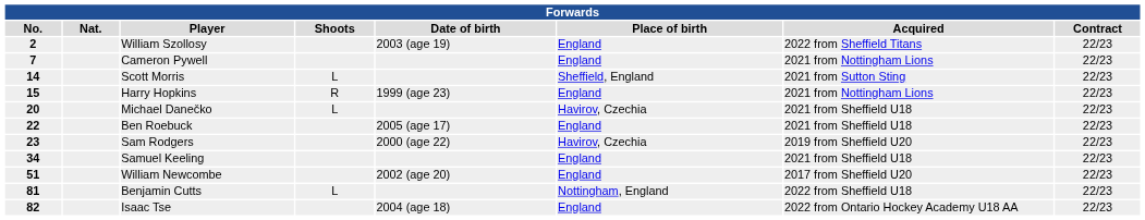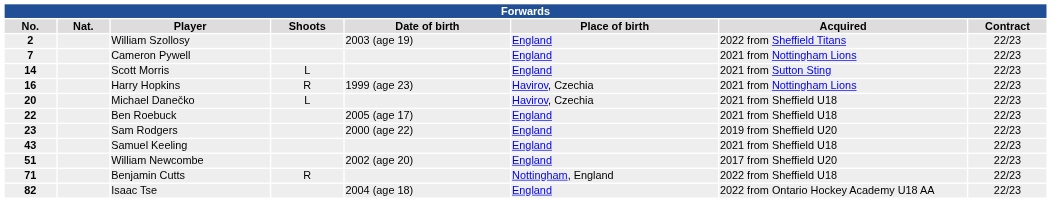 <table class="toccolours"  style="width:97%; clear:both; margin:1.5em auto; text-align:center;">
 <tr style="background:#ddd;">
 <th colspan="11" style="background:#204f95; color:#ffffff;”">Forwards</th>
 </tr>
 <tr style="background:#ddd;">
 <th width=5%>No.</th>
 <th width=5%>Nat.</th>
 <th !width=22%>Player</th>
 <th width=7%>Shoots</th>
 <th width=16%>Date of birth</th>
 <th width=20%>Place of birth</th>
 <th width=24%>Acquired</th>
 <td><strong>Contract</strong></td>
 </tr>
 <tr style="background:#eee;">
 <td><strong>2</strong></td>
 <td></td>
 <td align=left>William Szollosy</td>
 <td></td>
 <td align=left>2003 (age 19)</td>
 <td align=left><a href='#'>England</a></td>
 <td align=left>2022 from <a href='#'>Sheffield Titans</a></td>
 <td>22/23</td>
 </tr>
 <tr style="background:#eee;">
 <td><strong>7</strong></td>
 <td></td>
 <td align=left>Cameron Pywell</td>
 <td></td>
 <td align=left></td>
 <td align=left><a href='#'>England</a></td>
 <td align=left>2021 from <a href='#'>Nottingham Lions</a></td>
 <td>22/23</td>
 </tr>
 <tr style="background:#eee;">
 <td><strong>14</strong></td>
 <td></td>
 <td align=left>Scott Morris</td>
 <td>L</td>
 <td align=left></td>
-<td align=left><a href='#'>Sheffield</a>, England</td>
+<td align=left><a href='#'>England</a></td>
 <td align=left>2021 from <a href='#'>Sutton Sting</a></td>
 <td>22/23</td>
 </tr>
 <tr style="background:#eee;">
-<td><strong>15</strong></td>
+<td><strong>16</strong></td>
 <td></td>
 <td align=left>Harry Hopkins</td>
 <td>R</td>
 <td align=left>1999 (age 23)</td>
-<td align=left><a href='#'>England</a></td>
+<td align=left><a href='#'>Havirov</a>, Czechia</td>
 <td align=left>2021 from <a href='#'>Nottingham Lions</a></td>
 <td>22/23</td>
 </tr>
 <tr style="background:#eee;">
 <td><strong>20</strong></td>
 <td></td>
 <td align=left>Michael Danečko</td>
 <td>L</td>
 <td align=left></td>
 <td align=left><a href='#'>Havirov</a>, Czechia</td>
 <td align=left>2021 from Sheffield U18</td>
 <td>22/23</td>
 </tr>
 <tr style="background:#eee;">
 <td><strong>22</strong></td>
 <td></td>
 <td align=left>Ben Roebuck</td>
 <td></td>
 <td align=left>2005 (age 17)</td>
 <td align=left><a href='#'>England</a></td>
 <td align=left>2021 from Sheffield U18</td>
 <td>22/23</td>
 </tr>
 <tr style="background:#eee;">
 <td><strong>23</strong></td>
 <td></td>
 <td align=left>Sam Rodgers</td>
 <td></td>
 <td align=left>2000 (age 22)</td>
-<td align=left><a href='#'>Havirov</a>, Czechia</td>
+<td align=left><a href='#'>England</a></td>
 <td align=left>2019 from Sheffield U20</td>
 <td>22/23</td>
 </tr>
 <tr style="background:#eee;">
-<td><strong>34</strong></td>
+<td><strong>43</strong></td>
 <td></td>
 <td align=left>Samuel Keeling</td>
 <td></td>
 <td align=left></td>
 <td align=left><a href='#'>England</a></td>
 <td align=left>2021 from Sheffield U18</td>
 <td>22/23</td>
 </tr>
 <tr style="background:#eee;">
 <td><strong>51</strong></td>
 <td></td>
 <td align=left>William Newcombe</td>
 <td></td>
 <td align=left>2002 (age 20)</td>
 <td align=left><a href='#'>England</a></td>
 <td align=left>2017 from Sheffield U20</td>
 <td>22/23</td>
 </tr>
 <tr style="background:#eee;">
-<td><strong>81</strong></td>
+<td><strong>71</strong></td>
 <td></td>
 <td align=left>Benjamin Cutts</td>
-<td>L</td>
+<td>R</td>
 <td align=left></td>
 <td align=left><a href='#'>Nottingham</a>, England</td>
 <td align=left>2022 from Sheffield U18</td>
 <td>22/23</td>
 </tr>
 <tr style="background:#eee;">
 <td><strong>82</strong></td>
 <td></td>
 <td align=left>Isaac Tse</td>
 <td></td>
 <td align=left>2004 (age 18)</td>
 <td align=left><a href='#'>England</a></td>
 <td align=left>2022 from Ontario Hockey Academy U18 AA</td>
 <td>22/23</td>
 </tr>
 </table>
